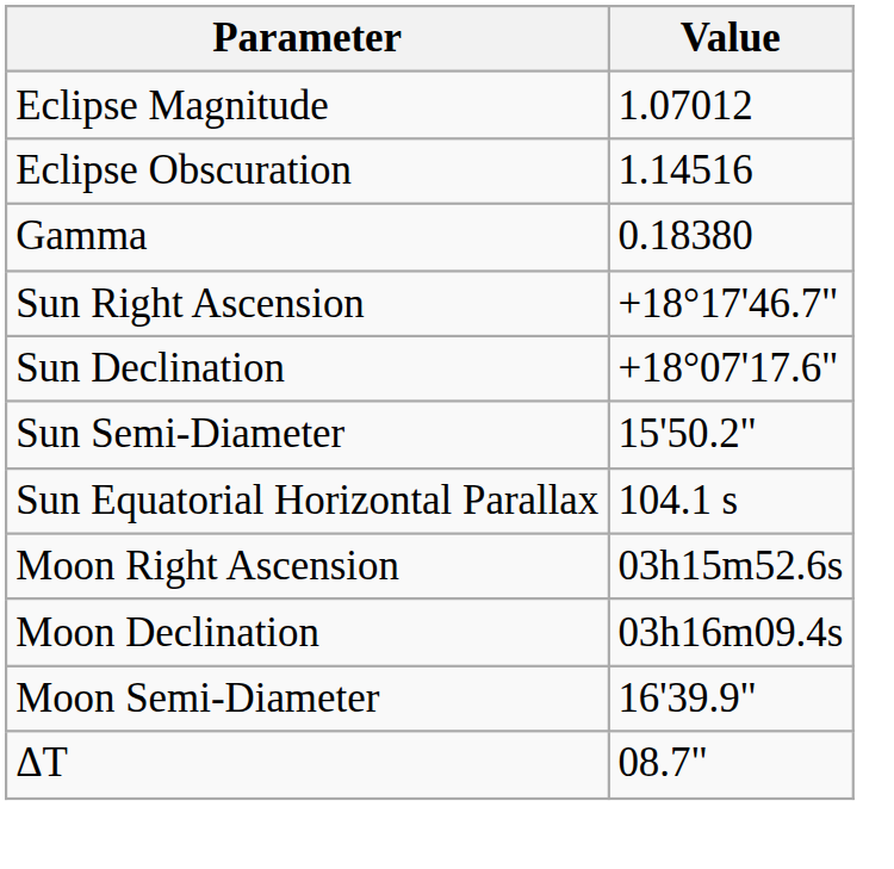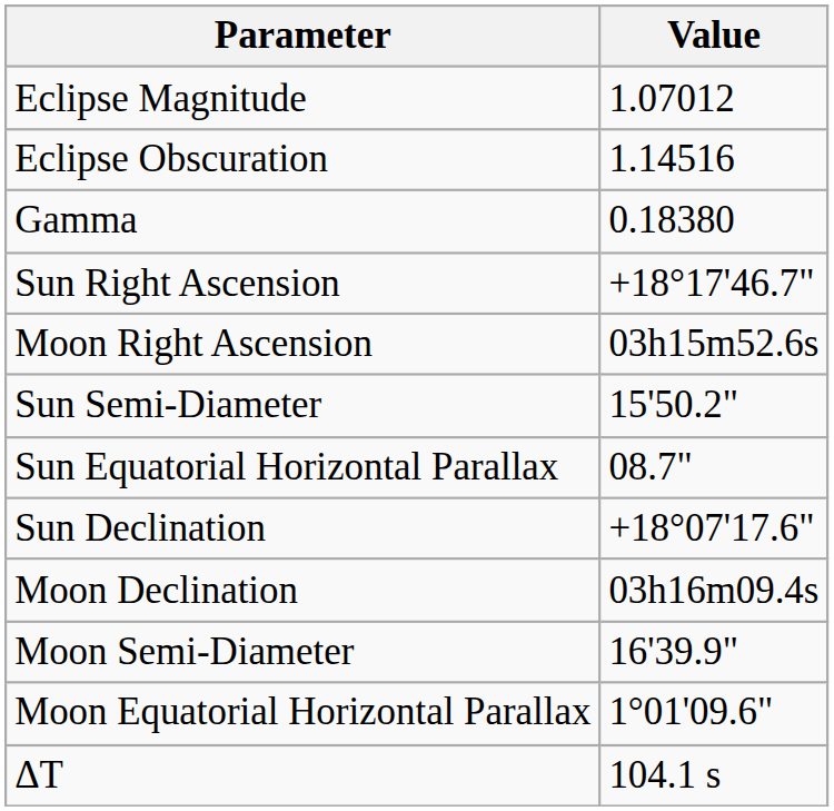 <table class="wikitable">
 <tr>
 <th>Parameter</th>
 <th>Value</th>
 </tr>
 <tr>
 <td>Eclipse Magnitude</td>
 <td>1.07012</td>
 </tr>
 <tr>
 <td>Eclipse Obscuration</td>
 <td>1.14516</td>
 </tr>
 <tr>
 <td>Gamma</td>
 <td>0.18380</td>
 </tr>
 <tr>
 <td>Sun Right Ascension</td>
 <td>+18°17'46.7"</td>
 </tr>
 <tr>
-<td>Sun Declination</td>
-<td>+18°07'17.6"</td>
+<td>Moon Right Ascension</td>
+<td>03h15m52.6s</td>
 </tr>
 <tr>
 <td>Sun Semi-Diameter</td>
 <td>15'50.2"</td>
 </tr>
 <tr>
 <td>Sun Equatorial Horizontal Parallax</td>
-<td>104.1 s</td>
+<td>08.7"</td>
 </tr>
 <tr>
-<td>Moon Right Ascension</td>
-<td>03h15m52.6s</td>
+<td>Sun Declination</td>
+<td>+18°07'17.6"</td>
 </tr>
 <tr>
 <td>Moon Declination</td>
 <td>03h16m09.4s</td>
 </tr>
 <tr>
 <td>Moon Semi-Diameter</td>
 <td>16'39.9"</td>
 </tr>
 <tr>
+<td>Moon Equatorial Horizontal Parallax</td>
+<td>1°01'09.6"</td>
+</tr>
+<tr>
 <td>ΔT</td>
-<td>08.7"</td>
+<td>104.1 s</td>
 </tr>
 </table>
